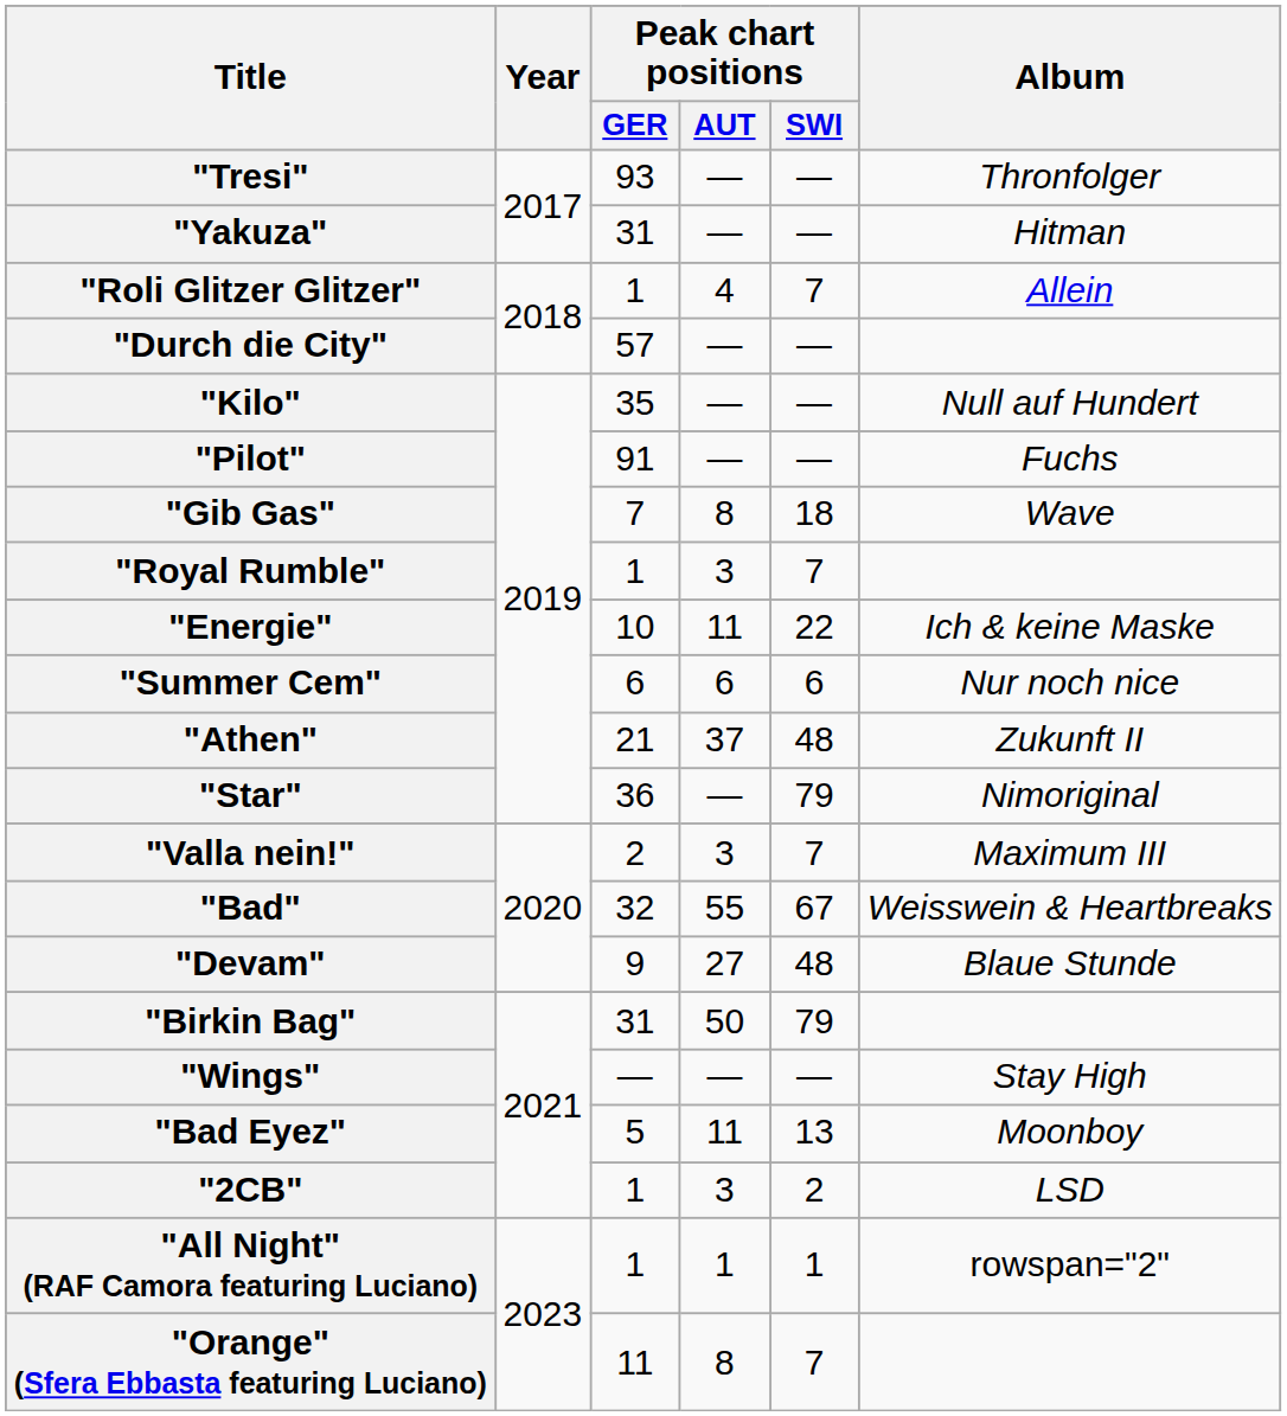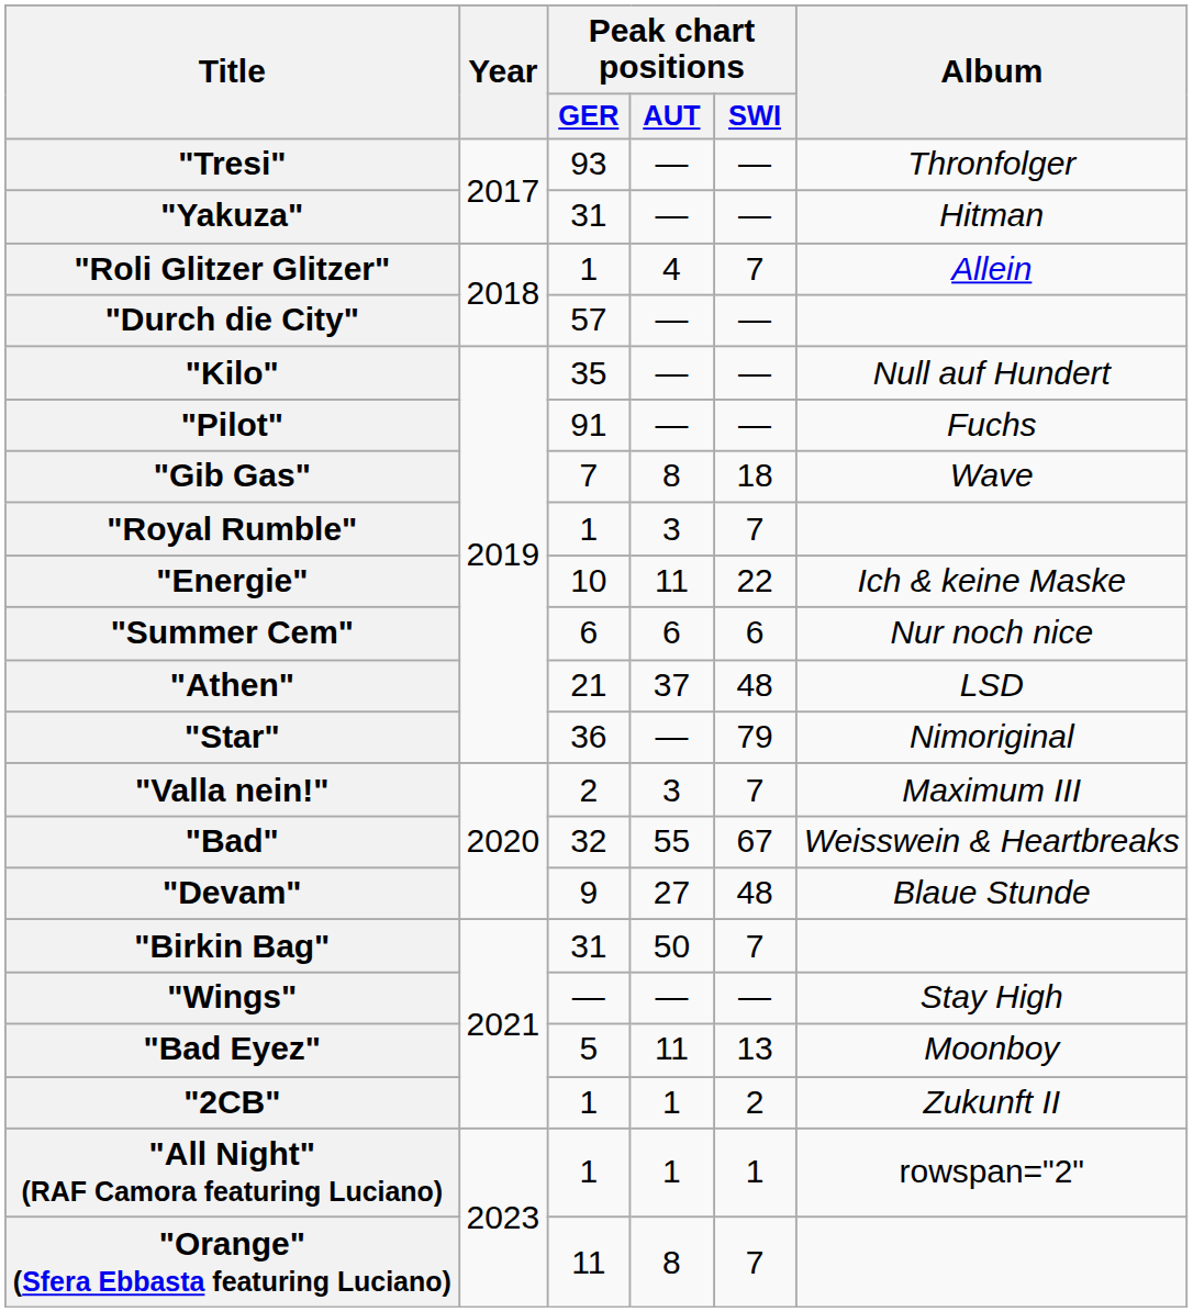 <table class="wikitable plainrowheaders" style="text-align:center;">
 <tr>
 <th scope="col" rowspan="2">Title</th>
 <th scope="col" rowspan="2">Year</th>
 <th scope="col" colspan="3">Peak chart positions<br></th>
 <th scope="col" rowspan="2">Album</th>
 </tr>
 <tr>
 <th style="width:2.5em; font-size:85%"><a href='#'>GER</a><br></th>
 <th style="width:2.5em; font-size:85%"><a href='#'>AUT</a><br></th>
 <th style="width:2.5em; font-size:85%"><a href='#'>SWI</a><br></th>
 </tr>
 <tr>
 <th scope="row">"Tresi"<br></th>
 <td rowspan="2">2017</td>
 <td>93</td>
 <td>—</td>
 <td>—</td>
 <td><em>Thronfolger</em></td>
 </tr>
 <tr>
 <th scope="row">"Yakuza"<br></th>
 <td>31</td>
 <td>—</td>
 <td>—</td>
 <td><em>Hitman</em></td>
 </tr>
 <tr>
 <th scope="row">"Roli Glitzer Glitzer"<br></th>
 <td rowspan="2">2018</td>
 <td>1</td>
 <td>4</td>
 <td>7</td>
 <td><em><a href='#'>Allein</a></em></td>
 </tr>
 <tr>
 <th scope="row">"Durch die City"<br></th>
 <td>57</td>
 <td>—</td>
 <td>—</td>
 <td></td>
 </tr>
 <tr>
 <th scope="row">"Kilo"<br></th>
 <td rowspan="8">2019</td>
 <td>35</td>
 <td>—</td>
 <td>—</td>
 <td><em>Null auf Hundert</em></td>
 </tr>
 <tr>
 <th scope="row">"Pilot"<br></th>
 <td>91</td>
 <td>—</td>
 <td>—</td>
 <td><em>Fuchs</em></td>
 </tr>
 <tr>
 <th scope="row">"Gib Gas"<br></th>
 <td>7</td>
 <td>8</td>
 <td>18</td>
 <td><em>Wave</em></td>
 </tr>
 <tr>
 <th scope="row">"Royal Rumble"<br></th>
 <td>1</td>
 <td>3</td>
 <td>7</td>
 <td></td>
 </tr>
 <tr>
 <th scope="row">"Energie"<br></th>
 <td>10</td>
 <td>11</td>
 <td>22</td>
 <td><em>Ich & keine Maske</em></td>
 </tr>
 <tr>
 <th scope="row">"Summer Cem"<br></th>
 <td>6</td>
 <td>6</td>
 <td>6</td>
 <td><em>Nur noch nice</em></td>
 </tr>
 <tr>
 <th scope="row">"Athen"<br></th>
 <td>21</td>
 <td>37</td>
 <td>48</td>
-<td><em>Zukunft II</em></td>
+<td><em>LSD</em></td>
 </tr>
 <tr>
 <th scope="row">"Star"<br></th>
 <td>36</td>
 <td>—</td>
 <td>79</td>
 <td><em>Nimoriginal</em></td>
 </tr>
 <tr>
 <th scope="row">"Valla nein!"<br></th>
 <td rowspan="3">2020</td>
 <td>2</td>
 <td>3</td>
 <td>7</td>
 <td><em>Maximum III</em></td>
 </tr>
 <tr>
 <th scope="row">"Bad"<br></th>
 <td>32</td>
 <td>55</td>
 <td>67</td>
 <td><em>Weisswein & Heartbreaks</em></td>
 </tr>
 <tr>
 <th scope="row">"Devam"<br></th>
 <td>9</td>
 <td>27</td>
 <td>48</td>
 <td><em>Blaue Stunde</em></td>
 </tr>
 <tr>
 <th scope="row">"Birkin Bag"<br></th>
 <td rowspan="4">2021</td>
 <td>31</td>
 <td>50</td>
-<td>79</td>
+<td>7</td>
 <td></td>
 </tr>
 <tr>
 <th scope="row">"Wings"<br></th>
 <td>—</td>
 <td>—</td>
 <td>—</td>
 <td><em>Stay High</em></td>
 </tr>
 <tr>
 <th scope="row">"Bad Eyez"<br></th>
 <td>5</td>
 <td>11</td>
 <td>13</td>
 <td><em>Moonboy</em></td>
 </tr>
 <tr>
 <th scope="row">"2CB"<br></th>
 <td>1</td>
-<td>3</td>
+<td>1</td>
 <td>2</td>
-<td><em>LSD</em></td>
+<td><em>Zukunft II</em></td>
 </tr>
 <tr>
 <th scope="row">"All Night"<br><small>(RAF Camora featuring Luciano)</small></th>
 <td rowspan="2">2023</td>
 <td>1</td>
 <td>1</td>
 <td>1</td>
 <td>rowspan="2" </td>
 </tr>
 <tr>
 <th scope="row">"Orange"<br><small>(<a href='#'>Sfera Ebbasta</a> featuring Luciano)</small></th>
 <td>11</td>
 <td>8</td>
 <td>7</td>
 </tr>
 </table>
